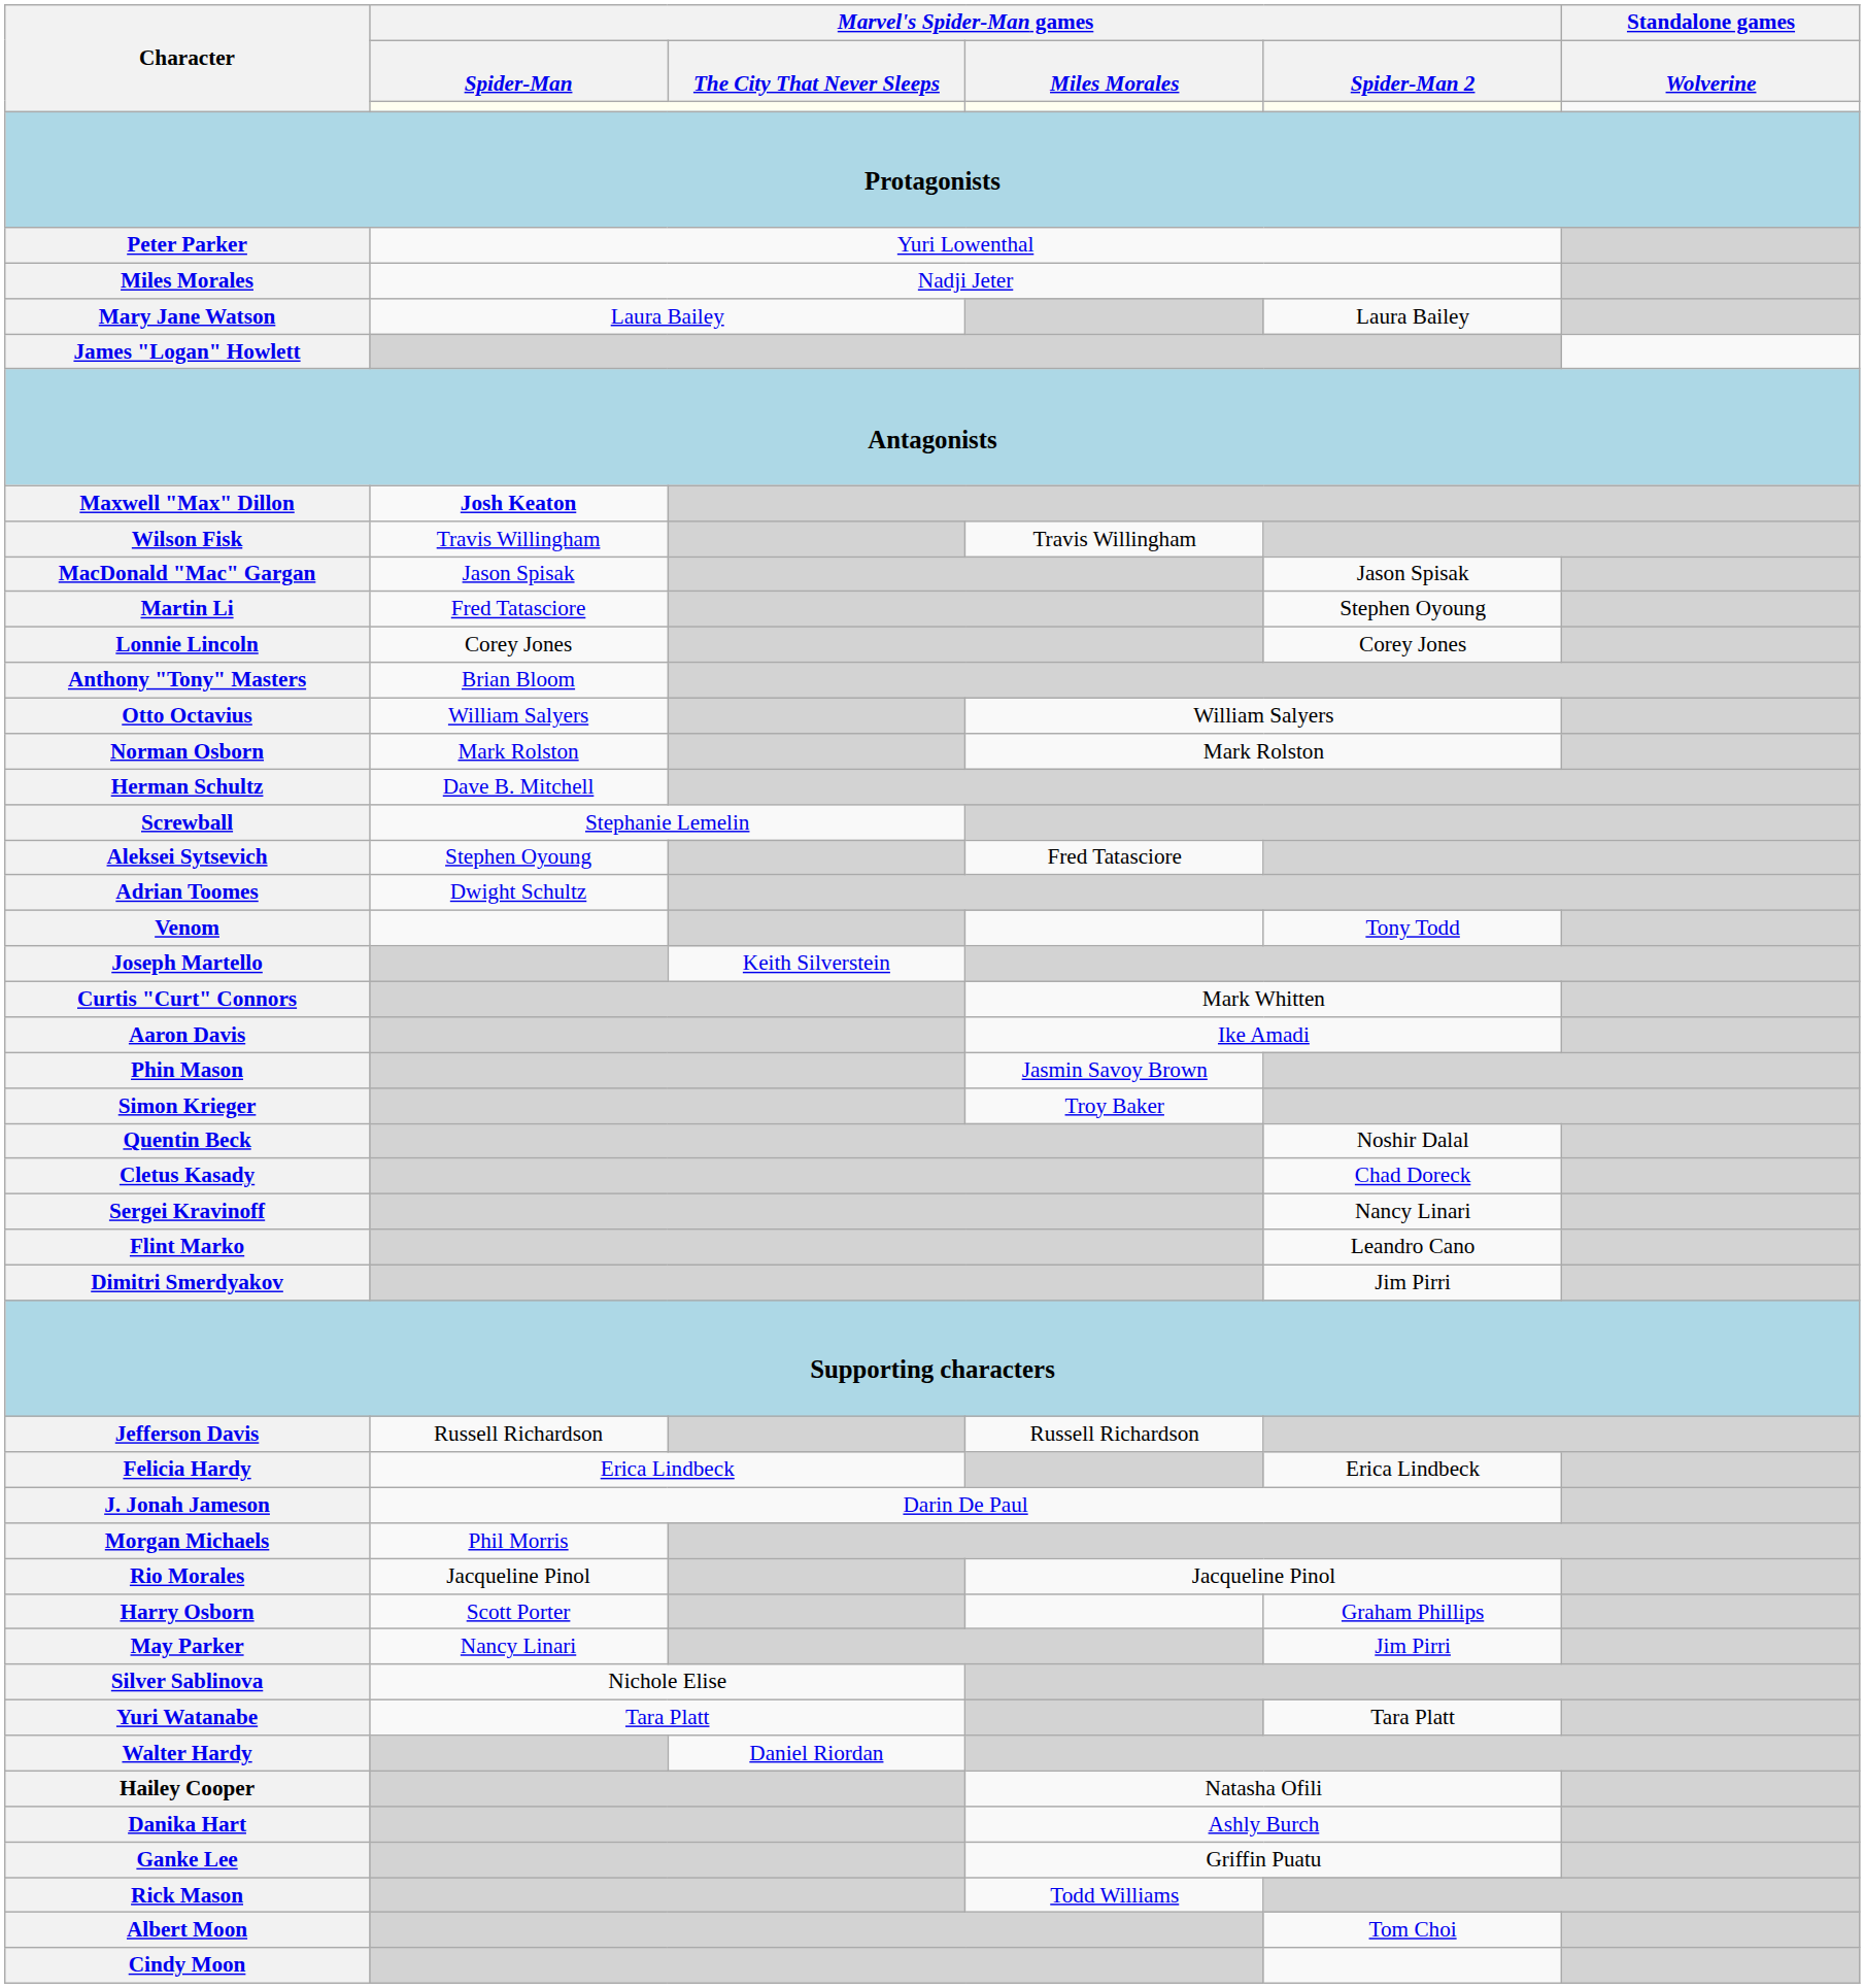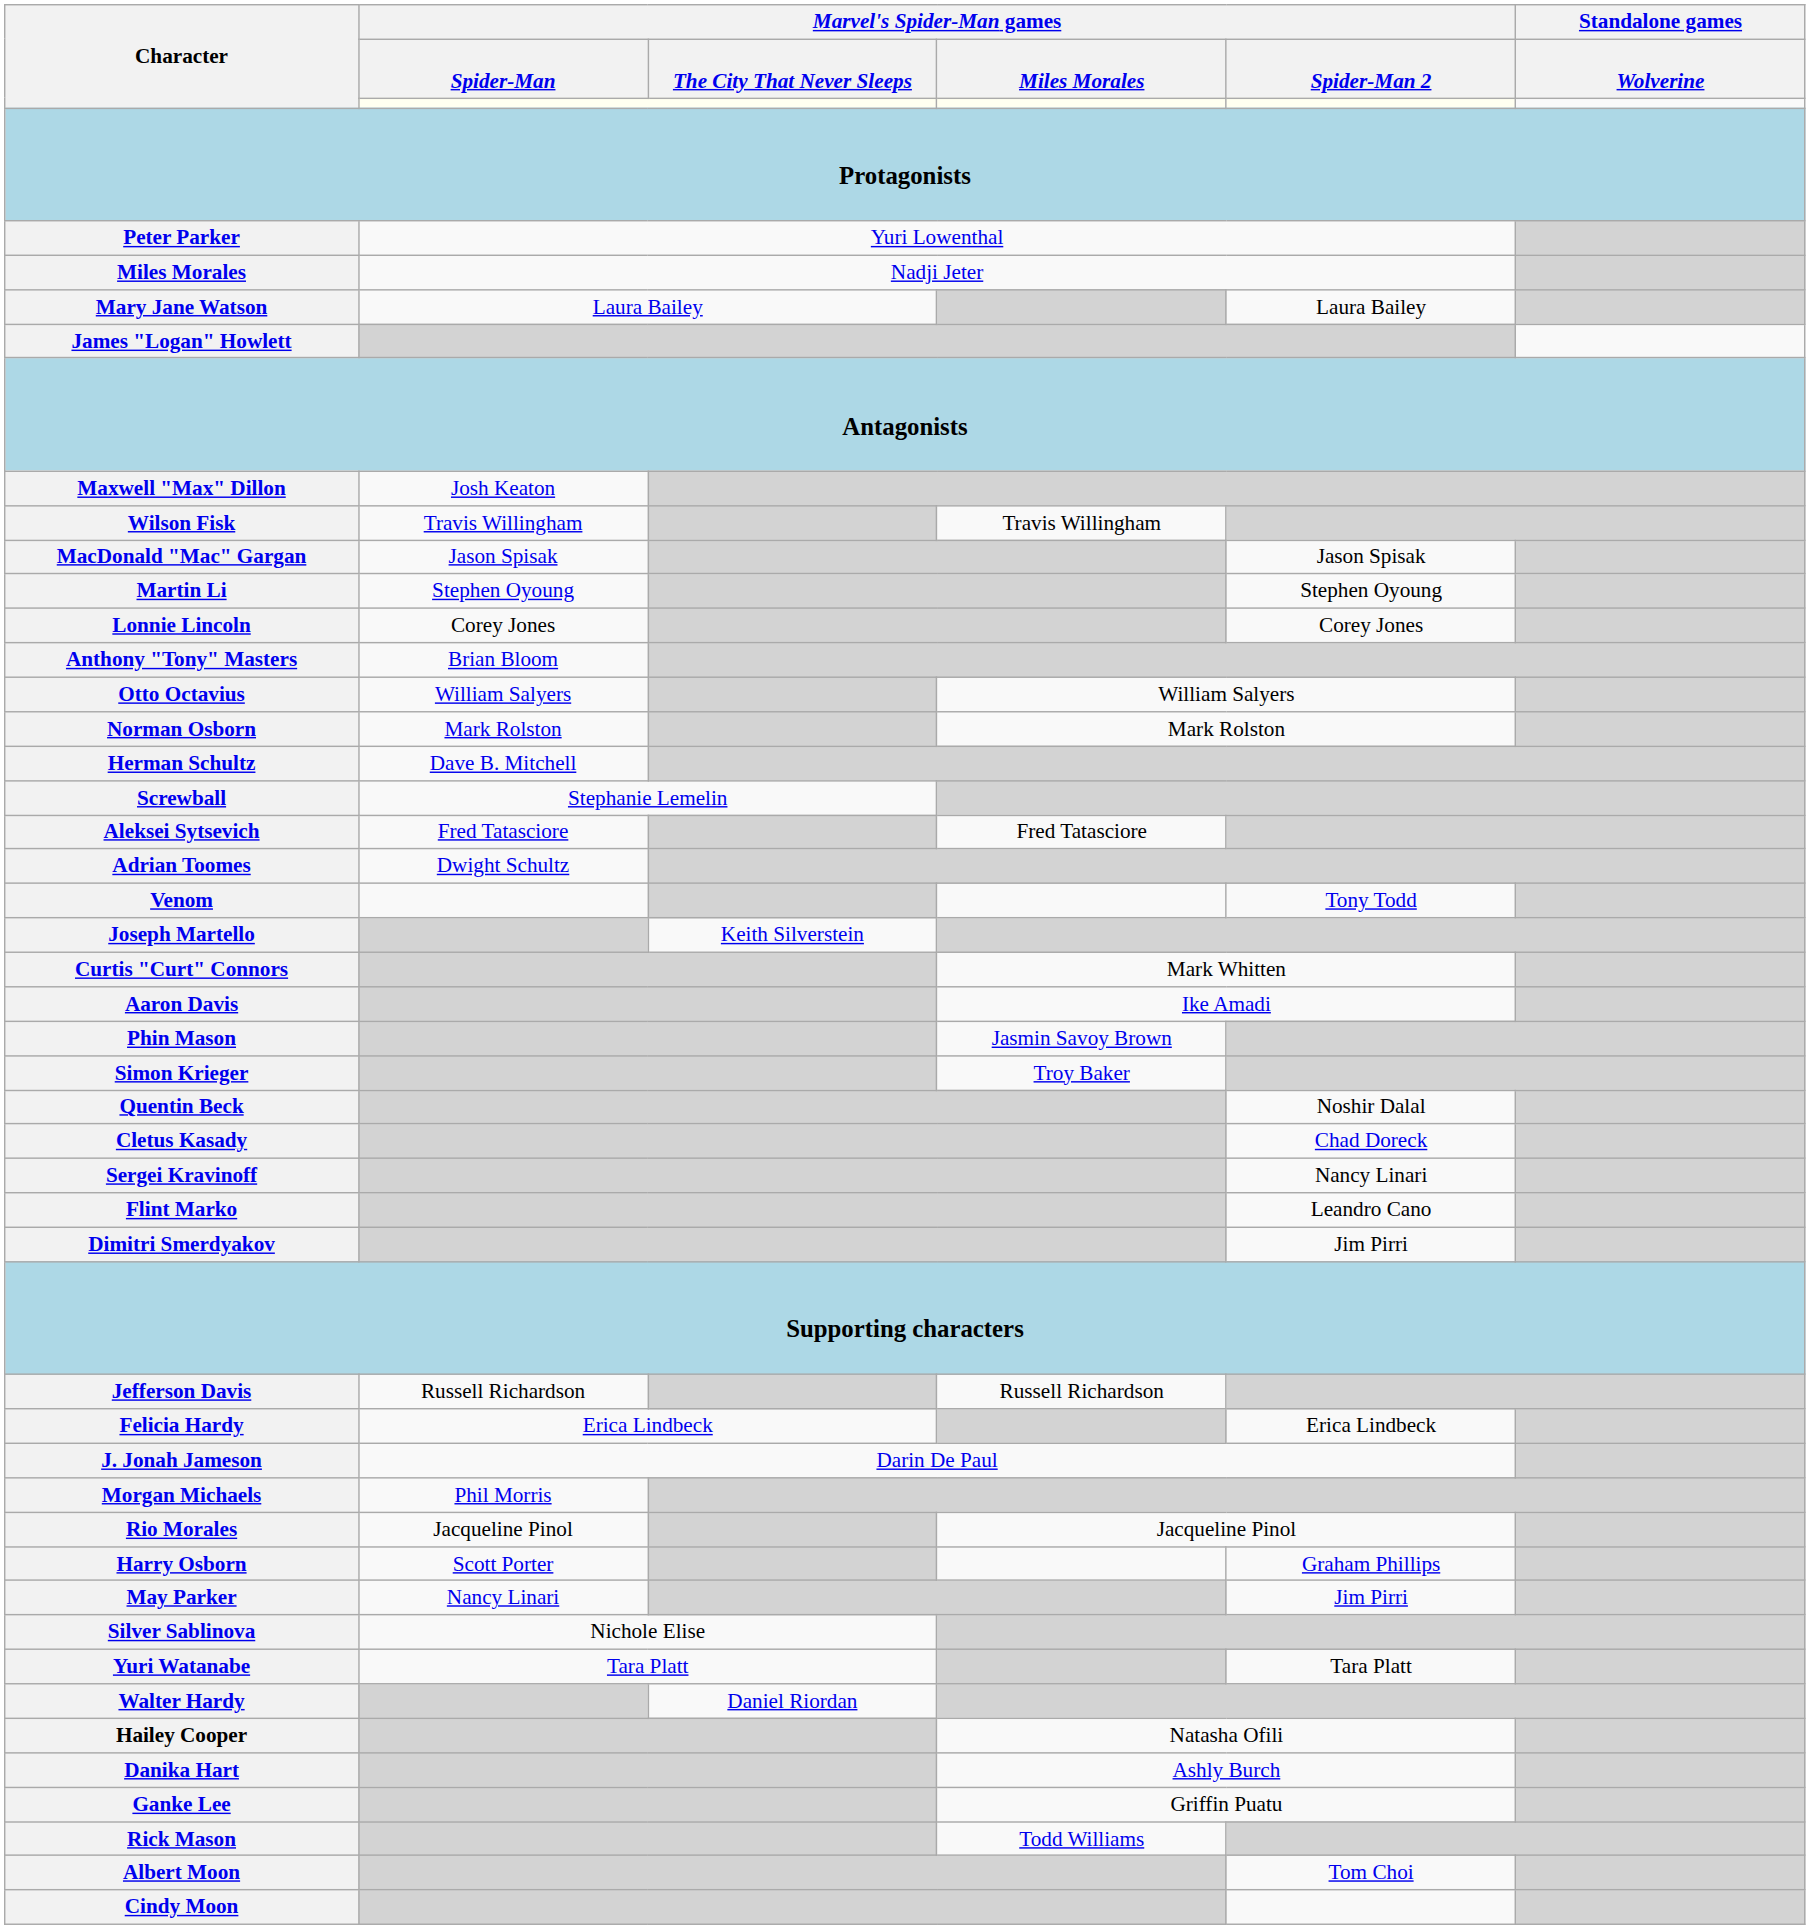 <table class="wikitable" style="text-align:center; width:99%; font-size:92%">
 <tr>
 <th rowspan="3" width="11%">Character</th>
 <th colspan="4" align="center"><a href='#'><em>Marvel's Spider-Man</em> games</a></th>
 <th colspan="1" align="center"><a href='#'>Standalone games</a></th>
 </tr>
 <tr>
 <th align="center" width="9%"><em><a href='#'><br>Spider-Man</a></em></th>
 <th align="center" width="9%"><em><a href='#'><br>The City That Never Sleeps</a></em></th>
 <th align="center" width="9%"><em><a href='#'><br>Miles Morales</a></em></th>
 <th align="center" width="9%"><em><a href='#'><br>Spider-Man 2</a></em></th>
 <th align="center" width="9%"><em><a href='#'><br>Wolverine</a></em></th>
 </tr>
 <tr>
 <td colspan="2" style="background:ivory;"></td>
 <td style="background:ivory;"></td>
 <td style="background:ivory;"></td>
 <td></td>
 </tr>
 <tr>
 <th colspan="6" style="background:lightblue;"><br><h3>Protagonists</h3></th>
 </tr>
 <tr>
 <th><a href='#'>Peter Parker<br></a></th>
 <td colspan="4"><a href='#'>Yuri Lowenthal</a></td>
 <td style="background-color:lightgrey;"></td>
 </tr>
 <tr>
 <th><a href='#'>Miles Morales<br></a></th>
 <td colspan="4"><a href='#'>Nadji Jeter</a></td>
 <td style="background-color:lightgrey;"></td>
 </tr>
 <tr>
 <th><a href='#'>Mary Jane Watson<br></a></th>
 <td colspan="2"><a href='#'>Laura Bailey</a></td>
 <td style="background-color:lightgrey;"></td>
 <td>Laura Bailey</td>
 <td colspan="1" style="background-color:lightgrey;"></td>
 </tr>
 <tr>
 <th><a href='#'>James "Logan" Howlett<br></a></th>
 <td colspan="4" style="background-color:lightgrey;"></td>
 <td></td>
 </tr>
 <tr>
 <th colspan="6" style="background:lightblue;"><br><h3>Antagonists</h3></th>
 </tr>
 <tr>
 <th><a href='#'>Maxwell "Max" Dillon<br></a></th>
-<td><strong><a href='#'>Josh Keaton</a></strong></td>
+<td><a href='#'>Josh Keaton</a></td>
 <td colspan="4" style="background-color:lightgrey;"></td>
 </tr>
 <tr>
 <th><a href='#'>Wilson Fisk<br></a></th>
 <td><a href='#'>Travis Willingham</a></td>
 <td style="background-color:lightgrey;"></td>
 <td>Travis Willingham</td>
 <td colspan="2" style="background-color:lightgrey;"></td>
 </tr>
 <tr>
 <th><a href='#'>MacDonald "Mac" Gargan<br></a></th>
 <td><a href='#'>Jason Spisak</a></td>
 <td colspan="2" style="background-color:lightgrey;"></td>
 <td>Jason Spisak</td>
 <td style="background-color:lightgrey;"></td>
 </tr>
 <tr>
 <th><a href='#'>Martin Li<br></a></th>
-<td><a href='#'>Fred Tatasciore</a></td>
+<td><a href='#'>Stephen Oyoung</a></td>
 <td colspan="2" style="background-color:lightgrey;"></td>
 <td>Stephen Oyoung</td>
 <td style="background-color:lightgrey;"></td>
 </tr>
 <tr>
 <th><a href='#'>Lonnie Lincoln<br></a></th>
 <td>Corey Jones</td>
 <td colspan="2" style="background-color:lightgrey;"></td>
 <td>Corey Jones</td>
 <td style="background-color:lightgrey;"></td>
 </tr>
 <tr>
 <th><a href='#'>Anthony "Tony" Masters<br></a></th>
 <td><a href='#'>Brian Bloom</a></td>
 <td colspan="4" style="background-color:lightgrey;"></td>
 </tr>
 <tr>
 <th><a href='#'>Otto Octavius<br></a></th>
 <td><a href='#'>William Salyers</a></td>
 <td style="background-color:lightgrey;"></td>
 <td colspan="2">William Salyers</td>
 <td colspan="1" style="background-color:lightgrey;"></td>
 </tr>
 <tr>
 <th><a href='#'>Norman Osborn</a></th>
 <td><a href='#'>Mark Rolston</a></td>
 <td style="background-color:lightgrey;"></td>
 <td colspan="2">Mark Rolston</td>
 <td style="background-color:lightgrey;"></td>
 </tr>
 <tr>
 <th><a href='#'>Herman Schultz<br></a></th>
 <td><a href='#'>Dave B. Mitchell</a></td>
 <td colspan="4" style="background-color:lightgrey;"></td>
 </tr>
 <tr>
 <th><a href='#'>Screwball</a></th>
 <td colspan="2"><a href='#'>Stephanie Lemelin</a></td>
 <td colspan="3" style="background-color:lightgrey;"></td>
 </tr>
 <tr>
 <th><a href='#'>Aleksei Sytsevich<br></a></th>
-<td><a href='#'>Stephen Oyoung</a></td>
+<td><a href='#'>Fred Tatasciore</a></td>
 <td style="background-color:lightgrey;"></td>
 <td>Fred Tatasciore</td>
 <td colspan="2" style="background-color:lightgrey;"></td>
 </tr>
 <tr>
 <th><a href='#'>Adrian Toomes<br></a></th>
 <td><a href='#'>Dwight Schultz</a></td>
 <td colspan="4" style="background-color:lightgrey;"></td>
 </tr>
 <tr>
 <th><a href='#'>Venom</a></th>
 <td></td>
 <td style="background-color:lightgrey;"></td>
 <td></td>
 <td><a href='#'>Tony Todd</a></td>
 <td style="background-color:lightgrey;"></td>
 </tr>
 <tr>
 <th><a href='#'>Joseph Martello<br></a></th>
 <td style="background-color:lightgrey;"></td>
 <td><a href='#'>Keith Silverstein</a></td>
 <td colspan="3" style="background-color:lightgrey;"></td>
 </tr>
 <tr>
 <th><a href='#'>Curtis "Curt" Connors<br></a></th>
 <td colspan="2" style="background-color:lightgrey;"></td>
 <td colspan="2">Mark Whitten</td>
 <td style="background-color:lightgrey;"></td>
 </tr>
 <tr>
 <th><a href='#'>Aaron Davis<br></a></th>
 <td colspan="2" style="background-color:lightgrey;"></td>
 <td colspan="2"><a href='#'>Ike Amadi</a></td>
 <td colspan="1" style="background-color:lightgrey;"></td>
 </tr>
 <tr>
 <th><a href='#'>Phin Mason<br></a></th>
 <td colspan="2" style="background-color:lightgrey;"></td>
 <td><a href='#'>Jasmin Savoy Brown</a></td>
 <td colspan="2" style="background-color:lightgrey;"></td>
 </tr>
 <tr>
 <th><a href='#'>Simon Krieger</a></th>
 <td colspan="2" style="background-color:lightgrey;"></td>
 <td><a href='#'>Troy Baker</a></td>
 <td colspan="2" style="background-color:lightgrey;"></td>
 </tr>
 <tr>
 <th><a href='#'>Quentin Beck<br></a></th>
 <td colspan="3" style="background-color:lightgrey;"></td>
 <td>Noshir Dalal</td>
 <td style="background-color:lightgrey;"></td>
 </tr>
 <tr>
 <th><a href='#'>Cletus Kasady<br></a></th>
 <td colspan="3" style="background-color:lightgrey;"></td>
 <td><a href='#'>Chad Doreck</a></td>
 <td style="background-color:lightgrey;"></td>
 </tr>
 <tr>
 <th><a href='#'>Sergei Kravinoff<br></a></th>
 <td colspan="3" style="background-color:lightgrey;"></td>
 <td>Nancy Linari</td>
 <td style="background-color:lightgrey;"></td>
 </tr>
 <tr>
 <th><a href='#'>Flint Marko<br></a></th>
 <td colspan="3" style="background-color:lightgrey;"></td>
 <td>Leandro Cano</td>
 <td style="background-color:lightgrey;"></td>
 </tr>
 <tr>
 <th><a href='#'>Dimitri Smerdyakov<br></a></th>
 <td colspan="3" style="background-color:lightgrey;"></td>
 <td>Jim Pirri</td>
 <td style="background-color:lightgrey;"></td>
 </tr>
 <tr>
 <th colspan="7" style="background:lightblue;"><br><h3>Supporting characters</h3></th>
 </tr>
 <tr>
 <th><a href='#'>Jefferson Davis</a></th>
 <td>Russell Richardson</td>
 <td style="background-color:lightgrey;"></td>
 <td>Russell Richardson</td>
 <td colspan="2" style="background-color:lightgrey;"></td>
 </tr>
 <tr>
 <th><a href='#'>Felicia Hardy<br></a></th>
 <td colspan="2"><a href='#'>Erica Lindbeck</a></td>
 <td colspan="1" style="background-color:lightgrey;"></td>
 <td>Erica Lindbeck</td>
 <td style="background-color:lightgrey;"></td>
 </tr>
 <tr>
 <th><a href='#'>J. Jonah Jameson</a></th>
 <td colspan="4"><a href='#'>Darin De Paul</a></td>
 <td colspan="1" style="background-color:lightgrey;"></td>
 </tr>
 <tr>
 <th><a href='#'>Morgan Michaels</a></th>
 <td><a href='#'>Phil Morris</a></td>
 <td colspan="4" style="background-color:lightgrey;"></td>
 </tr>
 <tr>
 <th><a href='#'>Rio Morales</a></th>
 <td>Jacqueline Pinol</td>
 <td style="background-color:lightgrey;"></td>
 <td colspan = "2">Jacqueline Pinol</td>
 <td style="background-color:lightgrey;"></td>
 </tr>
 <tr>
 <th><a href='#'>Harry Osborn</a></th>
 <td><a href='#'>Scott Porter</a></td>
 <td style="background-color:lightgrey;"></td>
 <td></td>
 <td><a href='#'>Graham Phillips</a></td>
 <td style="background-color:lightgrey;"></td>
 </tr>
 <tr>
 <th><a href='#'>May Parker</a></th>
 <td><a href='#'>Nancy Linari</a></td>
 <td colspan="2" style="background-color:lightgrey;"></td>
 <td><a href='#'>Jim Pirri</a></td>
 <td style="background-color:lightgrey;"></td>
 </tr>
 <tr>
 <th><a href='#'>Silver Sablinova</a></th>
 <td colspan="2">Nichole Elise</td>
 <td colspan="3" style="background-color:lightgrey;"></td>
 </tr>
 <tr>
 <th><a href='#'>Yuri Watanabe<br></a></th>
 <td colspan="2"><a href='#'>Tara Platt</a></td>
 <td colspan="1" style="background-color:lightgrey;"></td>
 <td>Tara Platt</td>
 <td style="background-color:lightgrey;"></td>
 </tr>
 <tr>
 <th><a href='#'>Walter Hardy</a></th>
 <td style="background-color:lightgrey;"></td>
 <td><a href='#'>Daniel Riordan</a></td>
 <td colspan="3" style="background-color:lightgrey;"></td>
 </tr>
 <tr>
 <th>Hailey Cooper</th>
 <td colspan="2" style="background-color:lightgrey;"></td>
 <td colspan="2">Natasha Ofili</td>
 <td style="background-color:lightgrey;"></td>
 </tr>
 <tr>
 <th><a href='#'>Danika Hart</a></th>
 <td colspan="2" style="background-color:lightgrey;"></td>
 <td colspan="2"><a href='#'>Ashly Burch</a></td>
 <td style="background-color:lightgrey;"></td>
 </tr>
 <tr>
 <th><a href='#'>Ganke Lee</a></th>
 <td colspan="2" style="background-color:lightgrey;"></td>
 <td colspan="2">Griffin Puatu</td>
 <td style="background-color:lightgrey;"></td>
 </tr>
 <tr>
 <th><a href='#'>Rick Mason</a></th>
 <td colspan="2" style="background-color:lightgrey;"></td>
 <td><a href='#'>Todd Williams</a></td>
 <td colspan="2" style="background-color:lightgrey;"></td>
 </tr>
 <tr>
 <th><a href='#'>Albert Moon</a></th>
 <td colspan="3" style="background-color:lightgrey;"></td>
 <td><a href='#'>Tom Choi</a></td>
 <td style="background-color:lightgrey;"></td>
 </tr>
 <tr>
 <th><a href='#'>Cindy Moon</a></th>
 <td colspan="3" style="background-color:lightgrey;"></td>
 <td></td>
 <td style="background-color:lightgrey;"></td>
 </tr>
 </table>
